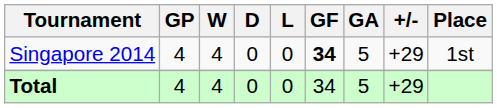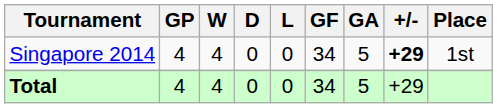 <table class="wikitable" style="text-align:center;">
 <tr>
 <th>Tournament</th>
 <th width=20>GP</th>
 <th width=20>W</th>
 <th width=20>D</th>
 <th width=20>L</th>
 <th width=20>GF</th>
 <th width=20>GA</th>
 <th width=20>+/-</th>
 <th width=20>Place</th>
 </tr>
 <tr>
 <td style="text-align:left;"><a href='#'>Singapore 2014</a></td>
 <td>4</td>
 <td>4</td>
 <td>0</td>
 <td>0</td>
-<td><strong>34</strong></td>
+<td>34</td>
 <td>5</td>
-<td>+29</td>
+<td><strong>+29</strong></td>
 <td>1st</td>
 </tr>
 <tr>
 </tr>
 <tr style="background:#ccffcc;">
 <td style="text-align:left;"><strong>Total</strong></td>
 <td>4</td>
 <td>4</td>
 <td>0</td>
 <td>0</td>
 <td>34</td>
 <td>5</td>
 <td>+29</td>
 <td></td>
 </tr>
 </table>
